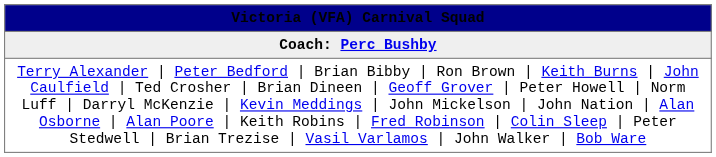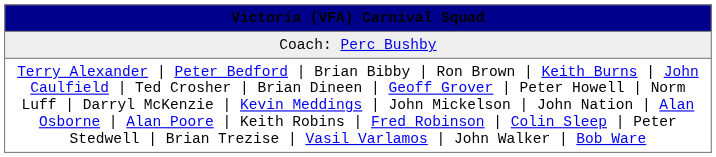 <table border="1" cellpadding="4" cellspacing="0" style="text-align:center; font-size:100%; border-collapse:collapse;" width=50%>
 <tr style="background:darkblue;">
 <th colspan=2><span>Victoria (VFA) Carnival Squad</span></th>
 </tr>
 <tr bgcolor="#efefef">
-<td><strong>Coach: <a href='#'>Perc Bushby</a></strong></td>
+<td>Coach: <a href='#'>Perc Bushby</a></td>
 </tr>
 <tr>
 <td><a href='#'>Terry Alexander</a> | <a href='#'>Peter Bedford</a> | Brian Bibby | Ron Brown | <a href='#'>Keith Burns</a> | <a href='#'>John Caulfield</a> | Ted Crosher | Brian Dineen | <a href='#'>Geoff Grover</a> | Peter Howell | Norm Luff | Darryl McKenzie | <a href='#'>Kevin Meddings</a> | John Mickelson | John Nation | <a href='#'>Alan Osborne</a> | <a href='#'>Alan Poore</a> | Keith Robins | <a href='#'>Fred Robinson</a> | <a href='#'>Colin Sleep</a> | Peter Stedwell | Brian Trezise | <a href='#'>Vasil Varlamos</a> | John Walker | <a href='#'>Bob Ware</a></td>
 </tr>
 </table>
